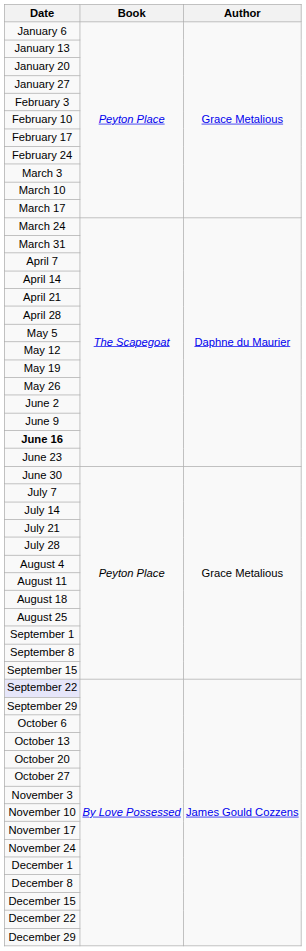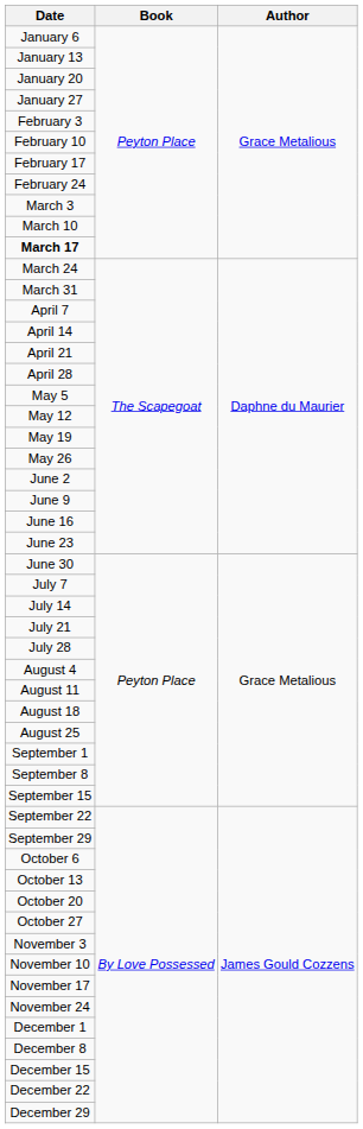 <table class="wikitable sortable" style="text-align: center">
 <tr>
 <th>Date</th>
 <th>Book</th>
 <th>Author</th>
 </tr>
 <tr>
 <td>January 6</td>
 <td rowspan=11><em><a href='#'>Peyton Place</a></em></td>
 <td rowspan=11><a href='#'>Grace Metalious</a></td>
 </tr>
 <tr>
 <td>January 13</td>
 </tr>
 <tr>
 <td>January 20</td>
 </tr>
 <tr>
 <td>January 27</td>
 </tr>
 <tr>
 <td>February 3</td>
 </tr>
 <tr>
 <td>February 10</td>
 </tr>
 <tr>
 <td>February 17</td>
 </tr>
 <tr>
 <td>February 24</td>
 </tr>
 <tr>
 <td>March 3</td>
 </tr>
 <tr>
 <td>March 10</td>
 </tr>
 <tr>
-<td>March 17</td>
+<td><strong>March 17</strong></td>
 </tr>
 <tr>
 <td>March 24</td>
 <td rowspan=14><em><a href='#'>The Scapegoat</a></em></td>
 <td rowspan=14><a href='#'>Daphne du Maurier</a></td>
 </tr>
 <tr>
 <td>March 31</td>
 </tr>
 <tr>
 <td>April 7</td>
 </tr>
 <tr>
 <td>April 14</td>
 </tr>
 <tr>
 <td>April 21</td>
 </tr>
 <tr>
 <td>April 28</td>
 </tr>
 <tr>
 <td>May 5</td>
 </tr>
 <tr>
 <td>May 12</td>
 </tr>
 <tr>
 <td>May 19</td>
 </tr>
 <tr>
 <td>May 26</td>
 </tr>
 <tr>
 <td>June 2</td>
 </tr>
 <tr>
 <td>June 9</td>
 </tr>
 <tr>
-<td><strong>June 16</strong></td>
+<td>June 16</td>
 </tr>
 <tr>
 <td>June 23</td>
 </tr>
 <tr>
 <td>June 30</td>
 <td rowspan=12><em>Peyton Place</em></td>
 <td rowspan=12>Grace Metalious</td>
 </tr>
 <tr>
 <td>July 7</td>
 </tr>
 <tr>
 <td>July 14</td>
 </tr>
 <tr>
 <td>July 21</td>
 </tr>
 <tr>
 <td>July 28</td>
 </tr>
 <tr>
 <td>August 4</td>
 </tr>
 <tr>
 <td>August 11</td>
 </tr>
 <tr>
 <td>August 18</td>
 </tr>
 <tr>
 <td>August 25</td>
 </tr>
 <tr>
 <td>September 1</td>
 </tr>
 <tr>
 <td>September 8</td>
 </tr>
 <tr>
 <td>September 15</td>
 </tr>
 <tr>
-<td style="background: lavender;">September 22</td>
+<td>September 22</td>
 <td rowspan=15><em><a href='#'>By Love Possessed</a></em></td>
 <td rowspan=15><a href='#'>James Gould Cozzens</a></td>
 </tr>
 <tr>
 <td>September 29</td>
 </tr>
 <tr>
 <td>October 6</td>
 </tr>
 <tr>
 <td>October 13</td>
 </tr>
 <tr>
 <td>October 20</td>
 </tr>
 <tr>
 <td>October 27</td>
 </tr>
 <tr>
 <td>November 3</td>
 </tr>
 <tr>
 <td>November 10</td>
 </tr>
 <tr>
 <td>November 17</td>
 </tr>
 <tr>
 <td>November 24</td>
 </tr>
 <tr>
 <td>December 1</td>
 </tr>
 <tr>
 <td>December 8</td>
 </tr>
 <tr>
 <td>December 15</td>
 </tr>
 <tr>
 <td>December 22</td>
 </tr>
 <tr>
 <td>December 29</td>
 </tr>
 </table>
